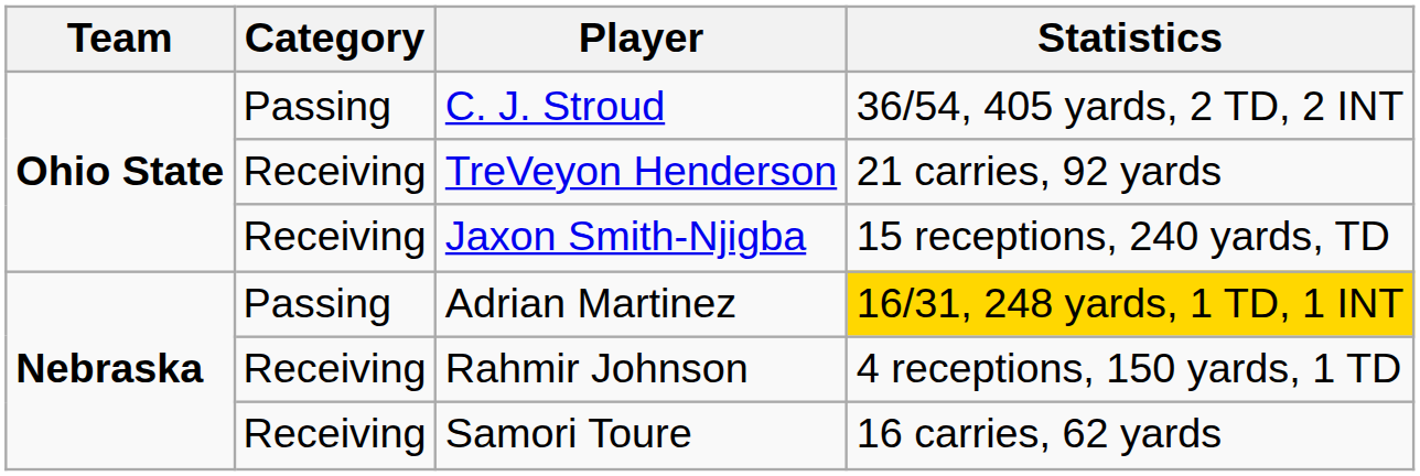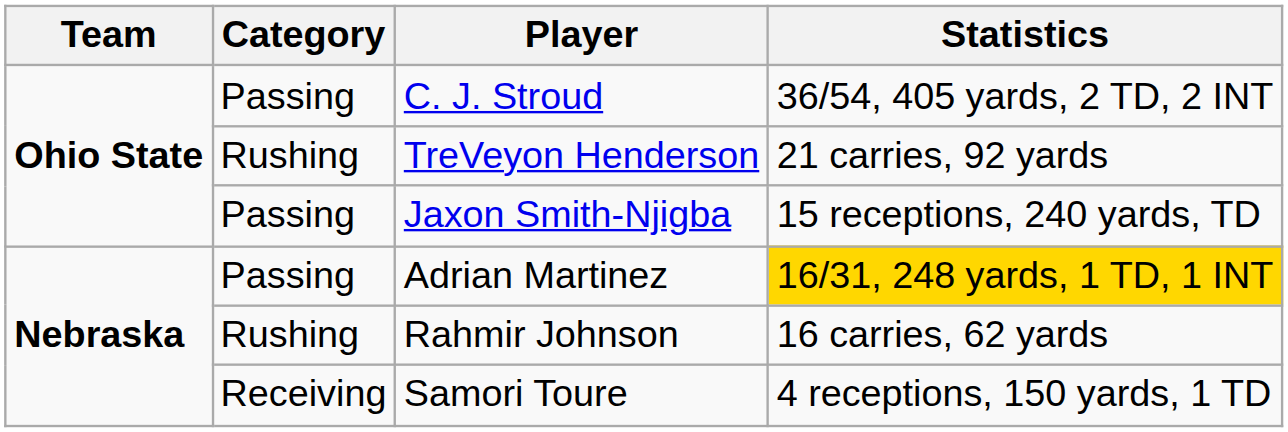 <table class="wikitable" style="float: right;">
 <tr>
 <th>Team</th>
 <th>Category</th>
 <th>Player</th>
 <th>Statistics</th>
 </tr>
 <tr>
 <td rowspan=3><strong>Ohio State</strong></td>
 <td>Passing</td>
 <td><a href='#'>C. J. Stroud</a></td>
 <td>36/54, 405 yards, 2 TD, 2 INT</td>
 </tr>
 <tr>
-<td>Receiving</td>
+<td>Rushing</td>
 <td><a href='#'>TreVeyon Henderson</a></td>
 <td>21 carries, 92 yards</td>
 </tr>
 <tr>
-<td>Receiving</td>
+<td>Passing</td>
 <td><a href='#'>Jaxon Smith-Njigba</a></td>
 <td>15 receptions, 240 yards, TD</td>
 </tr>
 <tr>
 <td rowspan=3><strong>Nebraska</strong></td>
 <td>Passing</td>
 <td>Adrian Martinez</td>
 <td style="background: gold;">16/31, 248 yards, 1 TD, 1 INT</td>
 </tr>
 <tr>
-<td>Receiving</td>
+<td>Rushing</td>
 <td>Rahmir Johnson</td>
-<td>4 receptions, 150 yards, 1 TD</td>
+<td>16 carries, 62 yards</td>
 </tr>
 <tr>
 <td>Receiving</td>
 <td>Samori Toure</td>
-<td>16 carries, 62 yards</td>
+<td>4 receptions, 150 yards, 1 TD</td>
 </tr>
 </table>
